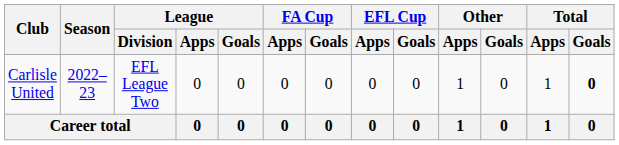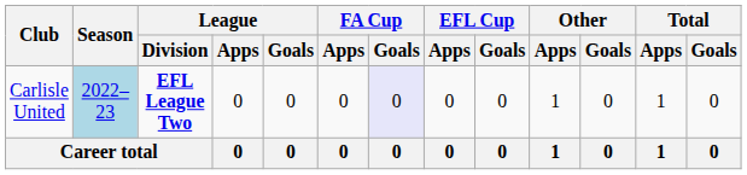 <table class="wikitable" style="text-align:center;">
 <tr>
 <th rowspan="2">Club</th>
 <th rowspan="2">Season</th>
 <th colspan="3">League</th>
 <th colspan="2"><a href='#'>FA Cup</a></th>
 <th colspan="2"><a href='#'>EFL Cup</a></th>
 <th colspan="2">Other</th>
 <th colspan="2">Total</th>
 </tr>
 <tr>
 <th>Division</th>
 <th>Apps</th>
 <th>Goals</th>
 <th>Apps</th>
 <th>Goals</th>
 <th>Apps</th>
 <th>Goals</th>
 <th>Apps</th>
 <th>Goals</th>
 <th>Apps</th>
 <th>Goals</th>
 </tr>
 <tr>
 <td><a href='#'>Carlisle United</a></td>
-<td><a href='#'>2022–23</a></td>
-<td><a href='#'>EFL League Two</a></td>
+<td style="background: lightblue;"><a href='#'>2022–23</a></td>
+<td><strong><a href='#'>EFL League Two</a></strong></td>
 <td>0</td>
 <td>0</td>
 <td>0</td>
-<td>0</td>
+<td style="background: lavender;">0</td>
 <td>0</td>
 <td>0</td>
 <td>1</td>
 <td>0</td>
 <td>1</td>
-<td><strong>0</strong></td>
+<td>0</td>
 </tr>
 <tr>
 <th colspan="3">Career total</th>
 <th>0</th>
 <th>0</th>
 <th>0</th>
 <th>0</th>
 <th>0</th>
 <th>0</th>
 <th>1</th>
 <th>0</th>
 <th>1</th>
 <th>0</th>
 </tr>
 </table>
